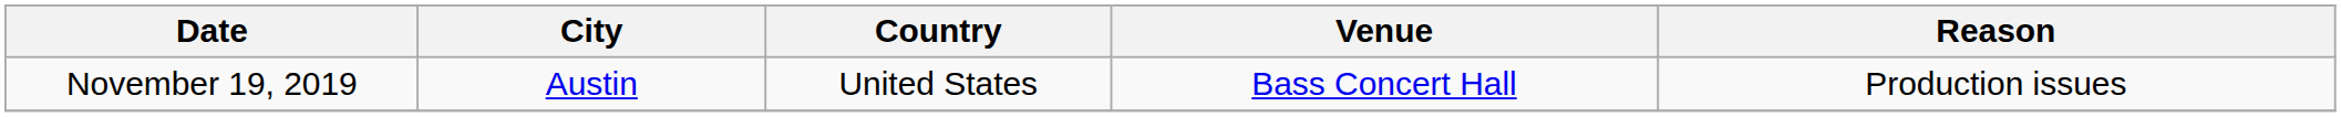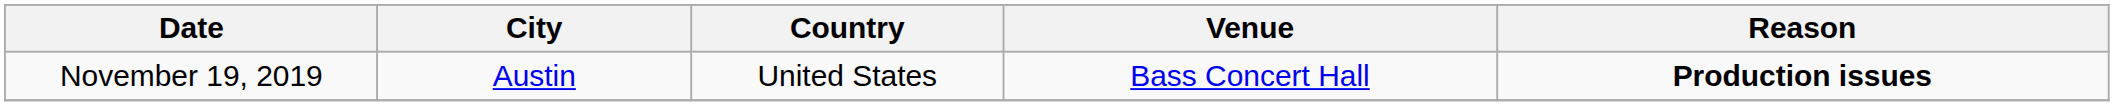 <table class="wikitable" style="text-align:center;">
 <tr>
 <th scope="col" style="width:12em;">Date</th>
 <th scope="col" style="width:10em;">City</th>
 <th scope="col" style="width:10em;">Country</th>
 <th scope="col" style="width:16em;">Venue</th>
 <th scope="col" style="width:20em;">Reason</th>
 </tr>
 <tr>
 <td>November 19, 2019</td>
 <td><a href='#'>Austin</a></td>
 <td>United States</td>
 <td><a href='#'>Bass Concert Hall</a></td>
-<td>Production issues</td>
+<td><strong>Production issues</strong></td>
 </tr>
 <tr>
 </tr>
 </table>
